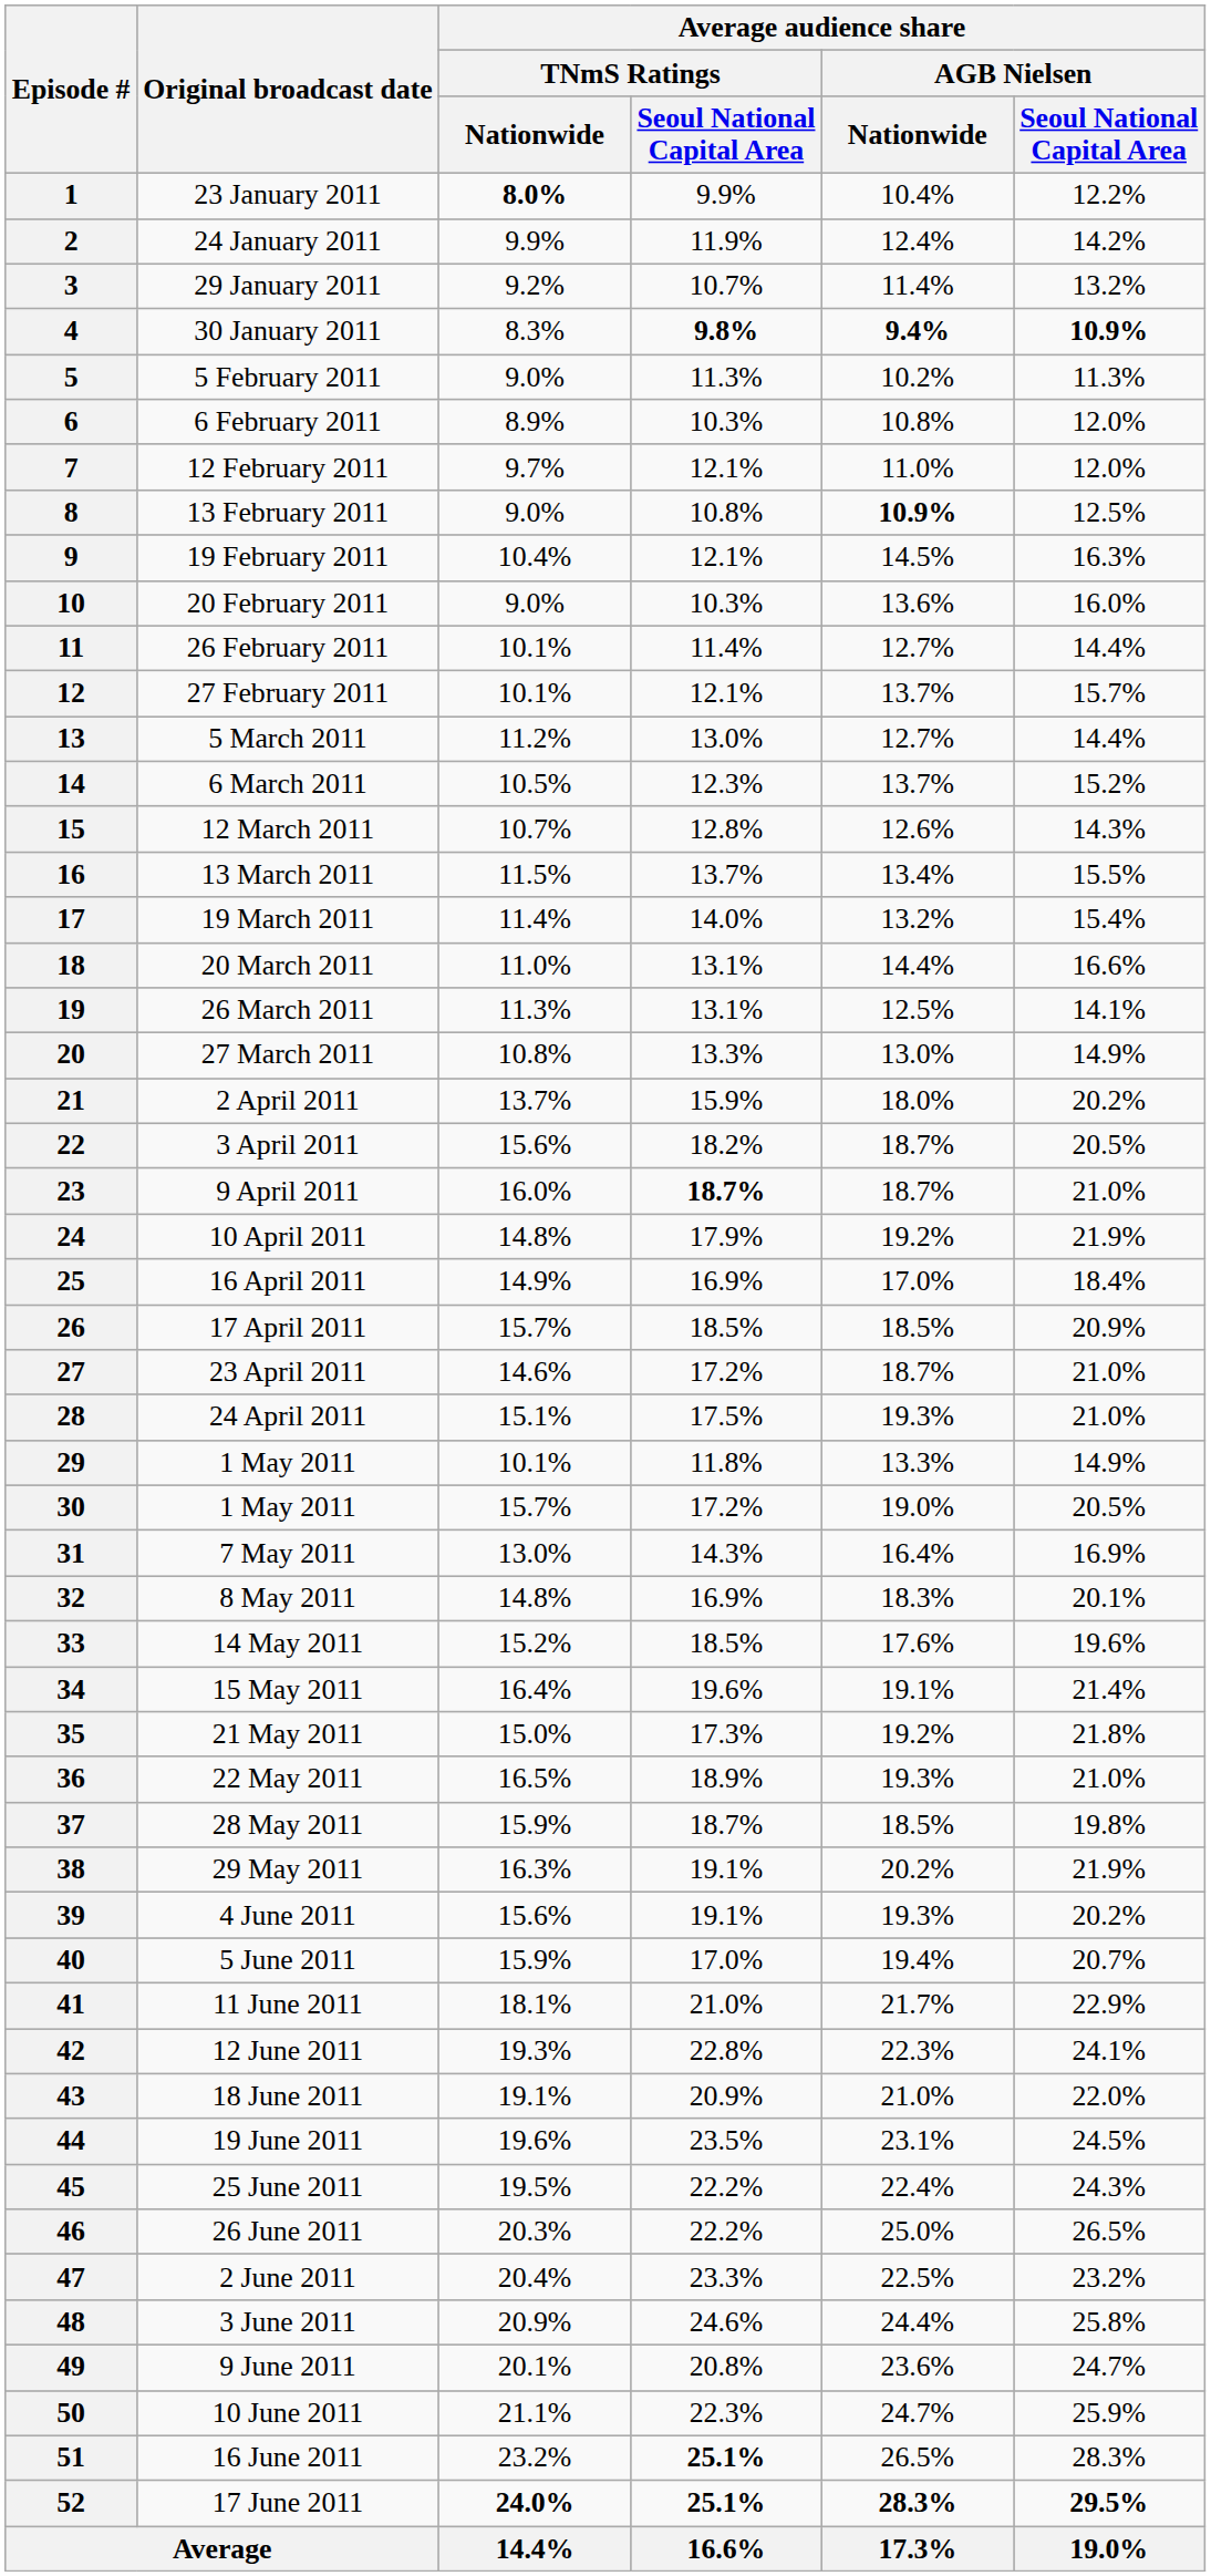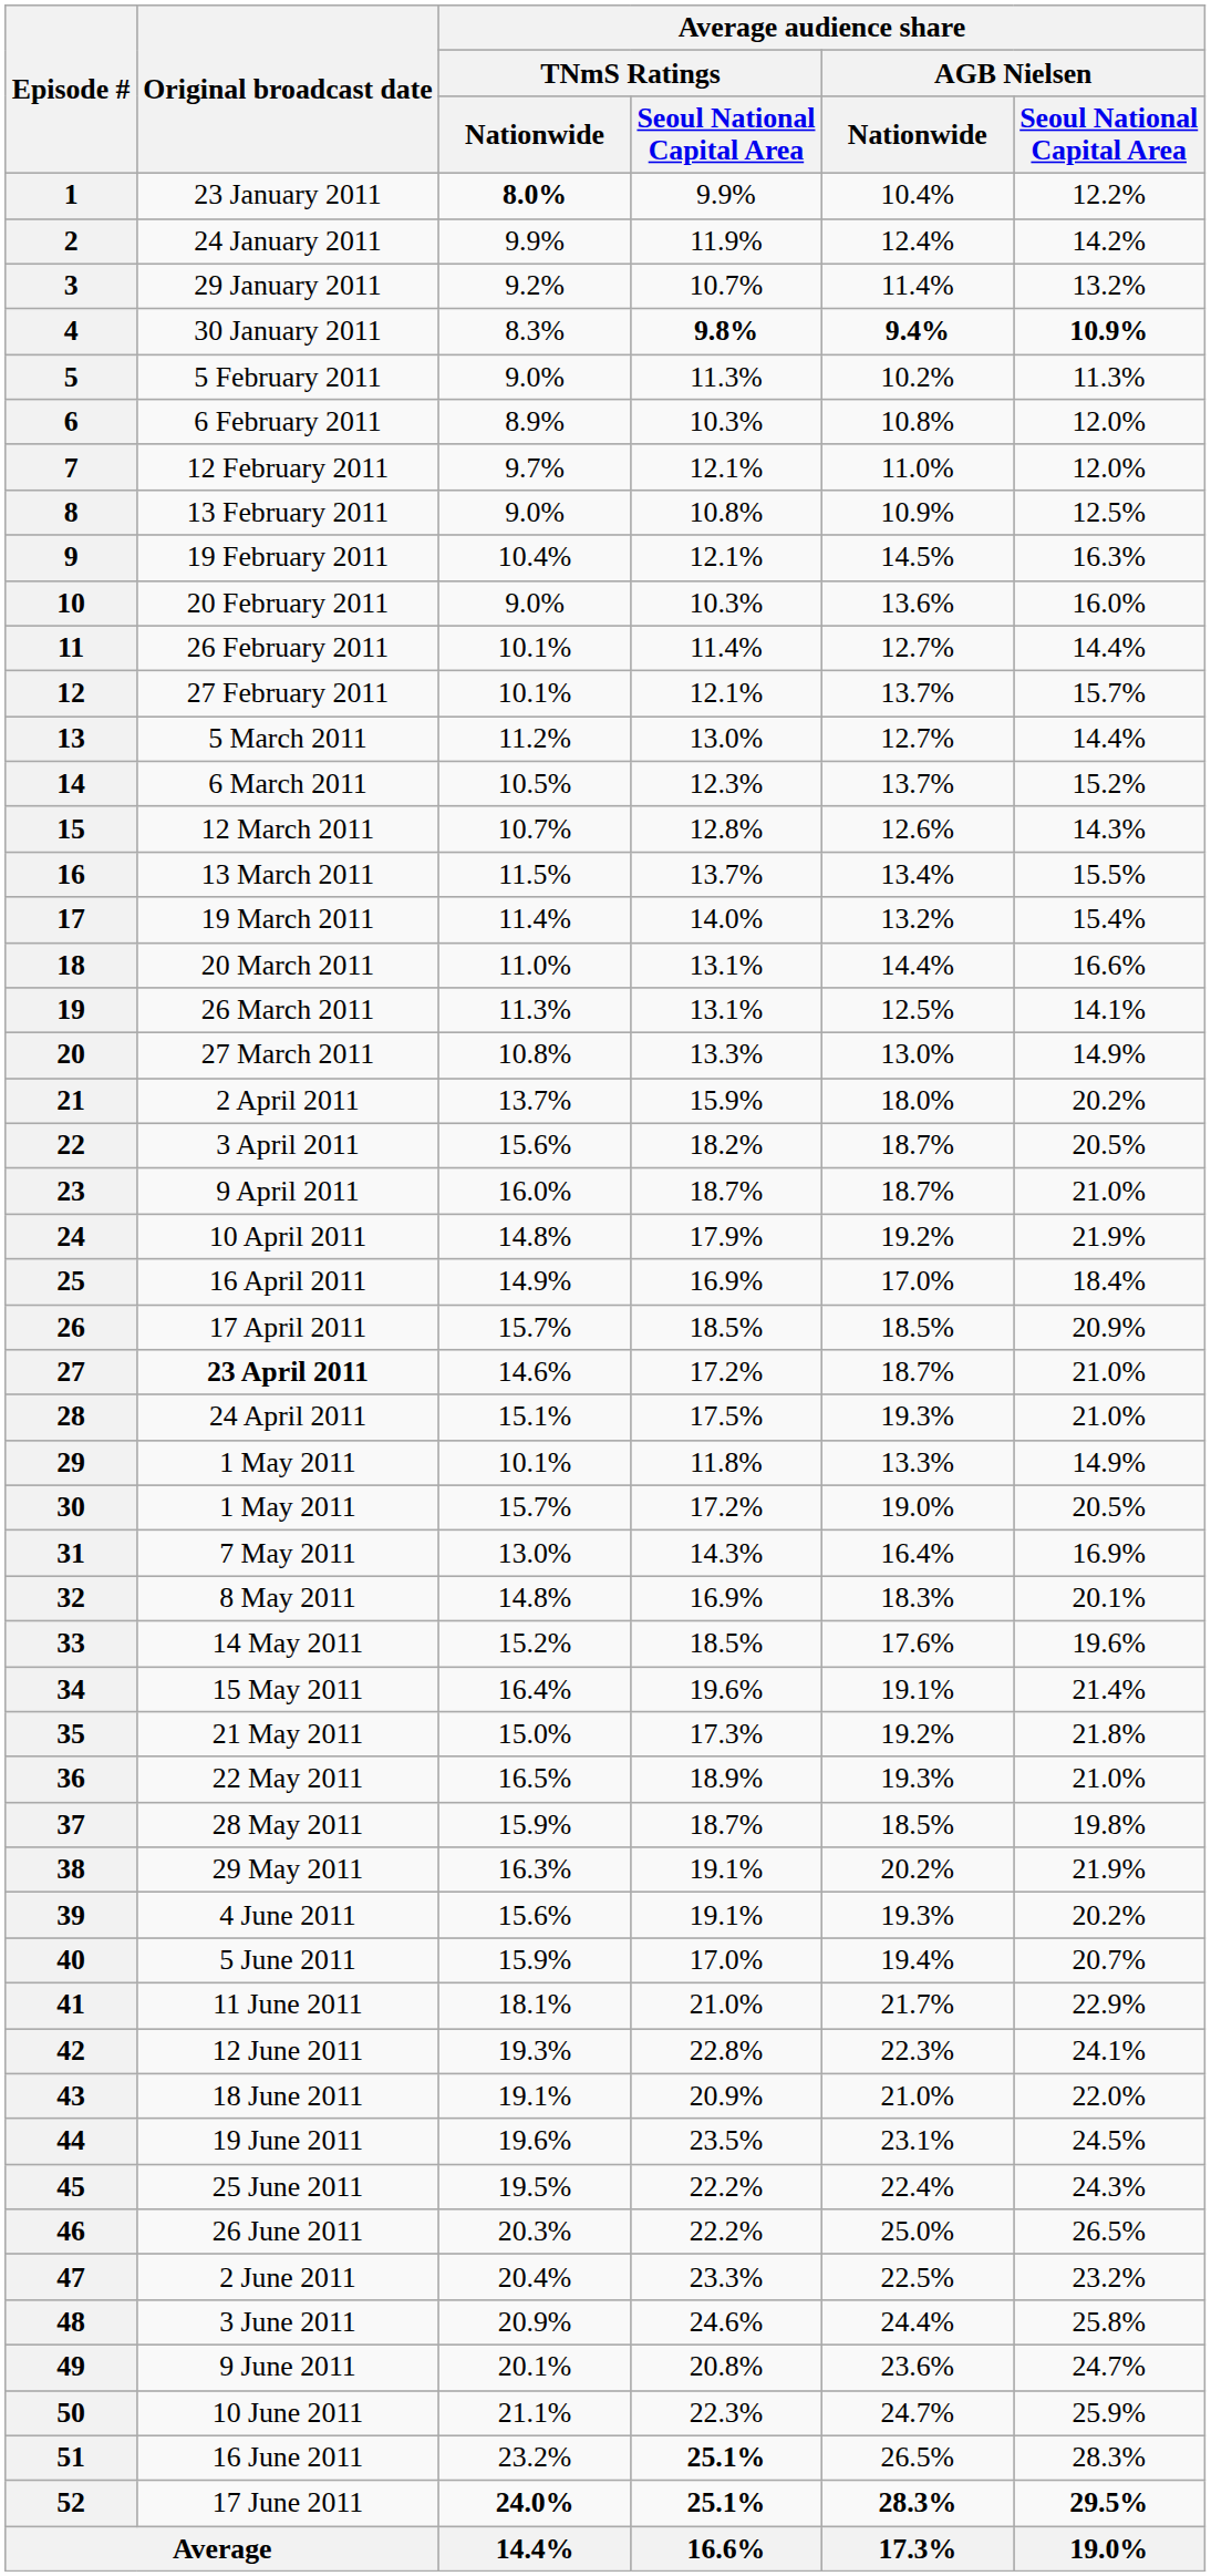 <table class=wikitable style="text-align:center">
 <tr>
 <th rowspan="3">Episode #</th>
 <th rowspan="3">Original broadcast date</th>
 <th colspan="4">Average audience share</th>
 </tr>
 <tr>
 <th colspan="2">TNmS Ratings</th>
 <th colspan="2">AGB Nielsen</th>
 </tr>
 <tr>
 <th width=100>Nationwide</th>
 <th width=100><a href='#'>Seoul National Capital Area</a></th>
 <th width=100>Nationwide</th>
 <th width=100><a href='#'>Seoul National Capital Area</a></th>
 </tr>
 <tr>
 <th>1</th>
 <td>23 January 2011</td>
 <td><span><strong>8.0%</strong></span></td>
 <td>9.9%</td>
 <td>10.4%</td>
 <td>12.2%</td>
 </tr>
 <tr>
 <th>2</th>
 <td>24 January 2011</td>
 <td>9.9%</td>
 <td>11.9%</td>
 <td>12.4%</td>
 <td>14.2%</td>
 </tr>
 <tr>
 <th>3</th>
 <td>29 January 2011</td>
 <td>9.2%</td>
 <td>10.7%</td>
 <td>11.4%</td>
 <td>13.2%</td>
 </tr>
 <tr>
 <th>4</th>
 <td>30 January 2011</td>
 <td>8.3%</td>
 <td><span><strong>9.8%</strong></span></td>
 <td><span><strong>9.4%</strong></span></td>
 <td><span><strong>10.9%</strong></span></td>
 </tr>
 <tr>
 <th>5</th>
 <td>5 February 2011</td>
 <td>9.0%</td>
 <td>11.3%</td>
 <td>10.2%</td>
 <td>11.3%</td>
 </tr>
 <tr>
 <th>6</th>
 <td>6 February 2011</td>
 <td>8.9%</td>
 <td>10.3%</td>
 <td>10.8%</td>
 <td>12.0%</td>
 </tr>
 <tr>
 <th>7</th>
 <td>12 February 2011</td>
 <td>9.7%</td>
 <td>12.1%</td>
 <td>11.0%</td>
 <td>12.0%</td>
 </tr>
 <tr>
 <th>8</th>
 <td>13 February 2011</td>
 <td>9.0%</td>
 <td>10.8%</td>
-<td><strong>10.9%</strong></td>
+<td>10.9%</td>
 <td>12.5%</td>
 </tr>
 <tr>
 <th>9</th>
 <td>19 February 2011</td>
 <td>10.4%</td>
 <td>12.1%</td>
 <td>14.5%</td>
 <td>16.3%</td>
 </tr>
 <tr>
 <th>10</th>
 <td>20 February 2011</td>
 <td>9.0%</td>
 <td>10.3%</td>
 <td>13.6%</td>
 <td>16.0%</td>
 </tr>
 <tr>
 <th>11</th>
 <td>26 February 2011</td>
 <td>10.1%</td>
 <td>11.4%</td>
 <td>12.7%</td>
 <td>14.4%</td>
 </tr>
 <tr>
 <th>12</th>
 <td>27 February 2011</td>
 <td>10.1%</td>
 <td>12.1%</td>
 <td>13.7%</td>
 <td>15.7%</td>
 </tr>
 <tr>
 <th>13</th>
 <td>5 March 2011</td>
 <td>11.2%</td>
 <td>13.0%</td>
 <td>12.7%</td>
 <td>14.4%</td>
 </tr>
 <tr>
 <th>14</th>
 <td>6 March 2011</td>
 <td>10.5%</td>
 <td>12.3%</td>
 <td>13.7%</td>
 <td>15.2%</td>
 </tr>
 <tr>
 <th>15</th>
 <td>12 March 2011</td>
 <td>10.7%</td>
 <td>12.8%</td>
 <td>12.6%</td>
 <td>14.3%</td>
 </tr>
 <tr>
 <th>16</th>
 <td>13 March 2011</td>
 <td>11.5%</td>
 <td>13.7%</td>
 <td>13.4%</td>
 <td>15.5%</td>
 </tr>
 <tr>
 <th>17</th>
 <td>19 March 2011</td>
 <td>11.4%</td>
 <td>14.0%</td>
 <td>13.2%</td>
 <td>15.4%</td>
 </tr>
 <tr>
 <th>18</th>
 <td>20 March 2011</td>
 <td>11.0%</td>
 <td>13.1%</td>
 <td>14.4%</td>
 <td>16.6%</td>
 </tr>
 <tr>
 <th>19</th>
 <td>26 March 2011</td>
 <td>11.3%</td>
 <td>13.1%</td>
 <td>12.5%</td>
 <td>14.1%</td>
 </tr>
 <tr>
 <th>20</th>
 <td>27 March 2011</td>
 <td>10.8%</td>
 <td>13.3%</td>
 <td>13.0%</td>
 <td>14.9%</td>
 </tr>
 <tr>
 <th>21</th>
 <td>2 April 2011</td>
 <td>13.7%</td>
 <td>15.9%</td>
 <td>18.0%</td>
 <td>20.2%</td>
 </tr>
 <tr>
 <th>22</th>
 <td>3 April 2011</td>
 <td>15.6%</td>
 <td>18.2%</td>
 <td>18.7%</td>
 <td>20.5%</td>
 </tr>
 <tr>
 <th>23</th>
 <td>9 April 2011</td>
 <td>16.0%</td>
-<td><strong>18.7%</strong></td>
+<td>18.7%</td>
 <td>18.7%</td>
 <td>21.0%</td>
 </tr>
 <tr>
 <th>24</th>
 <td>10 April 2011</td>
 <td>14.8%</td>
 <td>17.9%</td>
 <td>19.2%</td>
 <td>21.9%</td>
 </tr>
 <tr>
 <th>25</th>
 <td>16 April 2011</td>
 <td>14.9%</td>
 <td>16.9%</td>
 <td>17.0%</td>
 <td>18.4%</td>
 </tr>
 <tr>
 <th>26</th>
 <td>17 April 2011</td>
 <td>15.7%</td>
 <td>18.5%</td>
 <td>18.5%</td>
 <td>20.9%</td>
 </tr>
 <tr>
 <th>27</th>
-<td>23 April 2011</td>
+<td><strong>23 April 2011</strong></td>
 <td>14.6%</td>
 <td>17.2%</td>
 <td>18.7%</td>
 <td>21.0%</td>
 </tr>
 <tr>
 <th>28</th>
 <td>24 April 2011</td>
 <td>15.1%</td>
 <td>17.5%</td>
 <td>19.3%</td>
 <td>21.0%</td>
 </tr>
 <tr>
 <th>29</th>
 <td>1 May 2011</td>
 <td>10.1%</td>
 <td>11.8%</td>
 <td>13.3%</td>
 <td>14.9%</td>
 </tr>
 <tr>
 <th>30</th>
 <td>1 May 2011</td>
 <td>15.7%</td>
 <td>17.2%</td>
 <td>19.0%</td>
 <td>20.5%</td>
 </tr>
 <tr>
 <th>31</th>
 <td>7 May 2011</td>
 <td>13.0%</td>
 <td>14.3%</td>
 <td>16.4%</td>
 <td>16.9%</td>
 </tr>
 <tr>
 <th>32</th>
 <td>8 May 2011</td>
 <td>14.8%</td>
 <td>16.9%</td>
 <td>18.3%</td>
 <td>20.1%</td>
 </tr>
 <tr>
 <th>33</th>
 <td>14 May 2011</td>
 <td>15.2%</td>
 <td>18.5%</td>
 <td>17.6%</td>
 <td>19.6%</td>
 </tr>
 <tr>
 <th>34</th>
 <td>15 May 2011</td>
 <td>16.4%</td>
 <td>19.6%</td>
 <td>19.1%</td>
 <td>21.4%</td>
 </tr>
 <tr>
 <th>35</th>
 <td>21 May 2011</td>
 <td>15.0%</td>
 <td>17.3%</td>
 <td>19.2%</td>
 <td>21.8%</td>
 </tr>
 <tr>
 <th>36</th>
 <td>22 May 2011</td>
 <td>16.5%</td>
 <td>18.9%</td>
 <td>19.3%</td>
 <td>21.0%</td>
 </tr>
 <tr>
 <th>37</th>
 <td>28 May 2011</td>
 <td>15.9%</td>
 <td>18.7%</td>
 <td>18.5%</td>
 <td>19.8%</td>
 </tr>
 <tr>
 <th>38</th>
 <td>29 May 2011</td>
 <td>16.3%</td>
 <td>19.1%</td>
 <td>20.2%</td>
 <td>21.9%</td>
 </tr>
 <tr>
 <th>39</th>
 <td>4 June 2011</td>
 <td>15.6%</td>
 <td>19.1%</td>
 <td>19.3%</td>
 <td>20.2%</td>
 </tr>
 <tr>
 <th>40</th>
 <td>5 June 2011</td>
 <td>15.9%</td>
 <td>17.0%</td>
 <td>19.4%</td>
 <td>20.7%</td>
 </tr>
 <tr>
 <th>41</th>
 <td>11 June 2011</td>
 <td>18.1%</td>
 <td>21.0%</td>
 <td>21.7%</td>
 <td>22.9%</td>
 </tr>
 <tr>
 <th>42</th>
 <td>12 June 2011</td>
 <td>19.3%</td>
 <td>22.8%</td>
 <td>22.3%</td>
 <td>24.1%</td>
 </tr>
 <tr>
 <th>43</th>
 <td>18 June 2011</td>
 <td>19.1%</td>
 <td>20.9%</td>
 <td>21.0%</td>
 <td>22.0%</td>
 </tr>
 <tr>
 <th>44</th>
 <td>19 June 2011</td>
 <td>19.6%</td>
 <td>23.5%</td>
 <td>23.1%</td>
 <td>24.5%</td>
 </tr>
 <tr>
 <th>45</th>
 <td>25 June 2011</td>
 <td>19.5%</td>
 <td>22.2%</td>
 <td>22.4%</td>
 <td>24.3%</td>
 </tr>
 <tr>
 <th>46</th>
 <td>26 June 2011</td>
 <td>20.3%</td>
 <td>22.2%</td>
 <td>25.0%</td>
 <td>26.5%</td>
 </tr>
 <tr>
 <th>47</th>
 <td>2 June 2011</td>
 <td>20.4%</td>
 <td>23.3%</td>
 <td>22.5%</td>
 <td>23.2%</td>
 </tr>
 <tr>
 <th>48</th>
 <td>3 June 2011</td>
 <td>20.9%</td>
 <td>24.6%</td>
 <td>24.4%</td>
 <td>25.8%</td>
 </tr>
 <tr>
 <th>49</th>
 <td>9 June 2011</td>
 <td>20.1%</td>
 <td>20.8%</td>
 <td>23.6%</td>
 <td>24.7%</td>
 </tr>
 <tr>
 <th>50</th>
 <td>10 June 2011</td>
 <td>21.1%</td>
 <td>22.3%</td>
 <td>24.7%</td>
 <td>25.9%</td>
 </tr>
 <tr>
 <th>51</th>
 <td>16 June 2011</td>
 <td>23.2%</td>
 <td><span><strong>25.1%</strong></span></td>
 <td>26.5%</td>
 <td>28.3%</td>
 </tr>
 <tr>
 <th>52</th>
 <td>17 June 2011</td>
 <td><span><strong>24.0%</strong></span></td>
 <td><span><strong>25.1%</strong></span></td>
 <td><span><strong>28.3%</strong></span></td>
 <td><span><strong>29.5%</strong></span></td>
 </tr>
 <tr>
 <th colspan=2>Average</th>
 <th>14.4%</th>
 <th>16.6%</th>
 <th>17.3%</th>
 <th>19.0%</th>
 </tr>
 </table>
